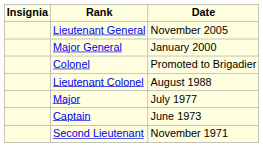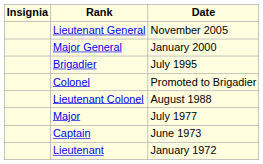 <table class="wikitable">
 <tr>
 <th style="background:#FFFFE0">Insignia</th>
 <th style="background:#FFFFE0">Rank</th>
 <th style="background:#FFFFE0">Date</th>
 </tr>
 <tr>
 <td style="background:#FFFFE0"> </td>
 <td style="background:#FFFFE0"><a href='#'>Lieutenant General</a></td>
 <td style="background:#FFFFE0">November 2005</td>
 </tr>
 <tr>
 <td style="background:#FFFFE0"> </td>
 <td style="background:#FFFFE0"><a href='#'>Major General</a></td>
 <td style="background:#FFFFE0">January 2000</td>
+</tr>
+<tr>
+<td style="background:#FFFFE0"> </td>
+<td style="background:#FFFFE0"><a href='#'>Brigadier</a></td>
+<td style="background:#FFFFE0">July 1995</td>
 </tr>
 <tr>
 <td style="background:#FFFFE0"></td>
 <td style="background:#FFFFE0"><a href='#'>Colonel</a></td>
 <td style="background:#FFFFE0">Promoted to Brigadier</td>
 </tr>
 <tr>
 <td style="background:#FFFFE0"></td>
 <td style="background:#FFFFE0"><a href='#'>Lieutenant Colonel</a></td>
 <td style="background:#FFFFE0">August 1988</td>
 </tr>
 <tr>
 <td style="background:#FFFFE0"></td>
 <td style="background:#FFFFE0"><a href='#'>Major</a></td>
 <td style="background:#FFFFE0">July 1977</td>
 </tr>
 <tr>
 <td style="background:#FFFFE0"></td>
 <td style="background:#FFFFE0"><a href='#'>Captain</a></td>
 <td style="background:#FFFFE0">June 1973</td>
 </tr>
 <tr>
 <td style="background:#FFFFE0"></td>
-<td style="background:#FFFFE0"><a href='#'>Second Lieutenant</a></td>
-<td style="background:#FFFFE0">November 1971</td>
+<td style="background:#FFFFE0"><a href='#'>Lieutenant</a></td>
+<td style="background:#FFFFE0">January 1972</td>
 </tr>
 </table>
